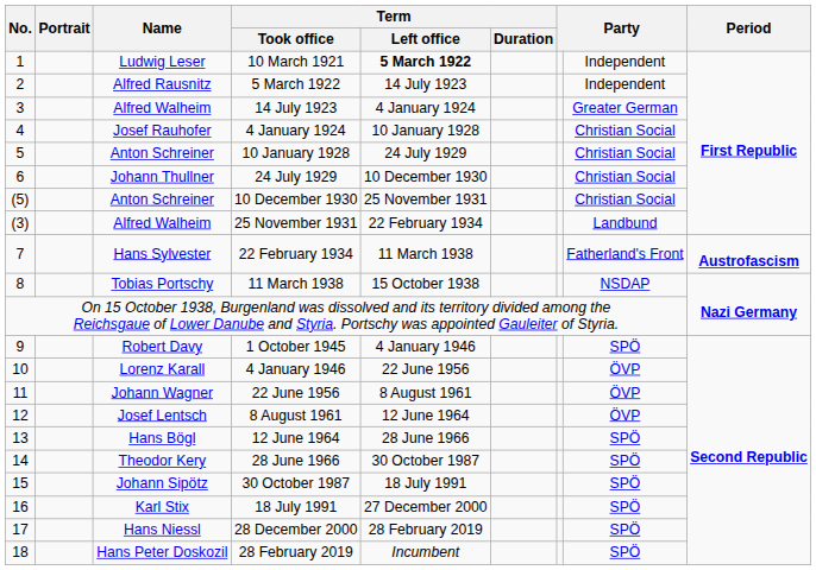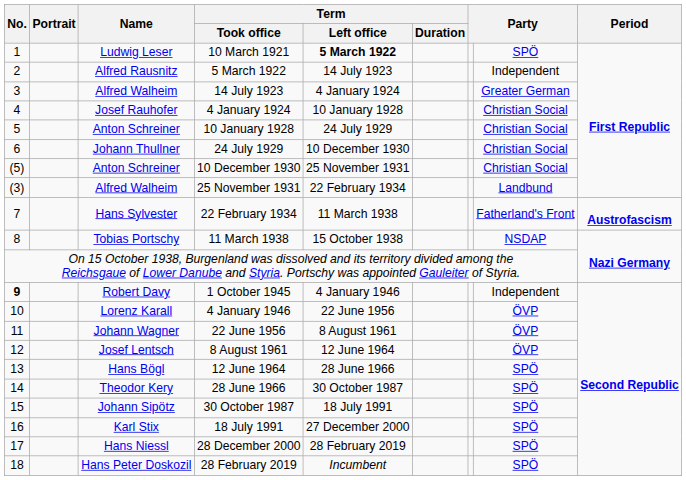 <table class="wikitable" style="text-align:center">
 <tr>
 <th rowspan="2">No.</th>
 <th rowspan="2">Portrait</th>
 <th rowspan="2">Name</th>
 <th colspan="3">Term</th>
 <th colspan="2" rowspan="2">Party</th>
 <th rowspan="2">Period</th>
 </tr>
 <tr>
 <th>Took office</th>
 <th>Left office</th>
 <th>Duration</th>
 </tr>
 <tr>
 <td>1</td>
 <td></td>
 <td><a href='#'>Ludwig Leser</a></td>
 <td>10 March 1921</td>
 <td><strong>5 March 1922</strong></td>
 <td></td>
 <td style="background:"></td>
-<td>Independent</td>
+<td><a href='#'>SPÖ</a></td>
 <td rowspan="8"><br><strong><a href='#'>First Republic</a></strong><br></td>
 </tr>
 <tr>
 <td>2</td>
 <td></td>
 <td><a href='#'>Alfred Rausnitz</a></td>
 <td>5 March 1922</td>
 <td>14 July 1923</td>
 <td></td>
 <td style="background:"></td>
 <td>Independent</td>
 </tr>
 <tr>
 <td>3</td>
 <td></td>
 <td><a href='#'>Alfred Walheim</a></td>
 <td>14 July 1923</td>
 <td>4 January 1924</td>
 <td></td>
 <td style="background:"></td>
 <td><a href='#'>Greater German</a></td>
 </tr>
 <tr>
 <td>4</td>
 <td></td>
 <td><a href='#'>Josef Rauhofer</a></td>
 <td>4 January 1924</td>
 <td>10 January 1928</td>
 <td></td>
 <td style="background:"></td>
 <td><a href='#'>Christian Social</a></td>
 </tr>
 <tr>
 <td>5</td>
 <td></td>
 <td><a href='#'>Anton Schreiner</a></td>
 <td>10 January 1928</td>
 <td>24 July 1929</td>
 <td></td>
 <td style="background:"></td>
 <td><a href='#'>Christian Social</a></td>
 </tr>
 <tr>
 <td>6</td>
 <td></td>
 <td><a href='#'>Johann Thullner</a></td>
 <td>24 July 1929</td>
 <td>10 December 1930</td>
 <td></td>
 <td style="background:"></td>
 <td><a href='#'>Christian Social</a></td>
 </tr>
 <tr>
 <td>(5)</td>
 <td></td>
 <td><a href='#'>Anton Schreiner</a></td>
 <td>10 December 1930</td>
 <td>25 November 1931</td>
 <td></td>
 <td style="background:"></td>
 <td><a href='#'>Christian Social</a></td>
 </tr>
 <tr>
 <td>(3)</td>
 <td></td>
 <td><a href='#'>Alfred Walheim</a></td>
 <td>25 November 1931</td>
 <td>22 February 1934</td>
 <td></td>
 <td style="background:"></td>
 <td><a href='#'>Landbund</a></td>
 </tr>
 <tr>
 <td>7</td>
 <td></td>
 <td><a href='#'>Hans Sylvester</a></td>
 <td>22 February 1934</td>
 <td>11 March 1938</td>
 <td></td>
 <td style="background:"></td>
 <td><a href='#'>Fatherland's Front</a></td>
 <td><br><strong><a href='#'>Austrofascism</a></strong><br></td>
 </tr>
 <tr>
 <td>8</td>
 <td></td>
 <td><a href='#'>Tobias Portschy</a></td>
 <td>11 March 1938</td>
 <td>15 October 1938</td>
 <td></td>
 <td style="background:"></td>
 <td><a href='#'>NSDAP</a></td>
 <td rowspan="2"><br><strong><a href='#'>Nazi Germany</a></strong><br></td>
 </tr>
 <tr>
 <td colspan="8"><em>On 15 October 1938, Burgenland was dissolved and its territory divided among the<br><a href='#'>Reichsgaue</a> of <a href='#'>Lower Danube</a> and <a href='#'>Styria</a>. Portschy was appointed <a href='#'>Gauleiter</a> of Styria.</em></td>
 </tr>
 <tr>
-<td>9</td>
+<td><strong>9</strong></td>
 <td></td>
 <td><a href='#'>Robert Davy</a><br></td>
 <td>1 October 1945</td>
 <td>4 January 1946</td>
 <td></td>
 <td style="background:"></td>
-<td><a href='#'>SPÖ</a></td>
+<td>Independent</td>
 <td rowspan="10"><br><strong><a href='#'>Second Republic</a></strong><br></td>
 </tr>
 <tr>
 <td>10</td>
 <td></td>
 <td><a href='#'>Lorenz Karall</a></td>
 <td>4 January 1946</td>
 <td>22 June 1956</td>
 <td></td>
 <td style="background:"></td>
 <td><a href='#'>ÖVP</a></td>
 </tr>
 <tr>
 <td>11</td>
 <td></td>
 <td><a href='#'>Johann Wagner</a></td>
 <td>22 June 1956</td>
 <td>8 August 1961</td>
 <td></td>
 <td style="background:"></td>
 <td><a href='#'>ÖVP</a></td>
 </tr>
 <tr>
 <td>12</td>
 <td></td>
 <td><a href='#'>Josef Lentsch</a></td>
 <td>8 August 1961</td>
 <td>12 June 1964</td>
 <td></td>
 <td style="background:"></td>
 <td><a href='#'>ÖVP</a></td>
 </tr>
 <tr>
 <td>13</td>
 <td></td>
 <td><a href='#'>Hans Bögl</a></td>
 <td>12 June 1964</td>
 <td>28 June 1966</td>
 <td></td>
 <td style="background:"></td>
 <td><a href='#'>SPÖ</a></td>
 </tr>
 <tr>
 <td>14</td>
 <td></td>
 <td><a href='#'>Theodor Kery</a></td>
 <td>28 June 1966</td>
 <td>30 October 1987</td>
 <td></td>
 <td style="background:"></td>
 <td><a href='#'>SPÖ</a></td>
 </tr>
 <tr>
 <td>15</td>
 <td></td>
 <td><a href='#'>Johann Sipötz</a></td>
 <td>30 October 1987</td>
 <td>18 July 1991</td>
 <td></td>
 <td style="background:"></td>
 <td><a href='#'>SPÖ</a></td>
 </tr>
 <tr>
 <td>16</td>
 <td></td>
 <td><a href='#'>Karl Stix</a></td>
 <td>18 July 1991</td>
 <td>27 December 2000</td>
 <td></td>
 <td style="background:"></td>
 <td><a href='#'>SPÖ</a></td>
 </tr>
 <tr>
 <td>17</td>
 <td></td>
 <td><a href='#'>Hans Niessl</a></td>
 <td>28 December 2000</td>
 <td>28 February 2019</td>
 <td></td>
 <td style="background:"></td>
 <td><a href='#'>SPÖ</a></td>
 </tr>
 <tr>
 <td>18</td>
 <td></td>
 <td><a href='#'>Hans Peter Doskozil</a></td>
 <td>28 February 2019</td>
 <td><em>Incumbent</em></td>
 <td></td>
 <td style="background:"></td>
 <td><a href='#'>SPÖ</a></td>
 </tr>
 </table>
